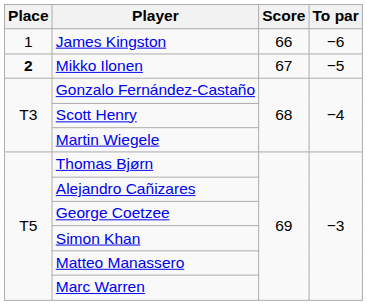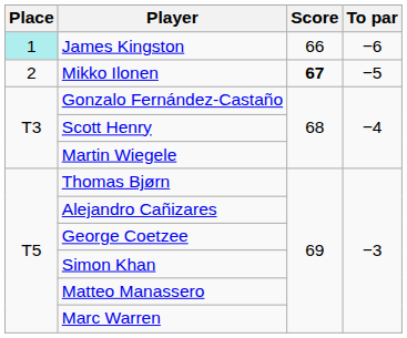 <table class="wikitable">
 <tr>
 <th>Place</th>
 <th>Player</th>
 <th>Score</th>
 <th>To par</th>
 </tr>
 <tr>
-<td align=center>1</td>
+<td align=center style="background: paleturquoise;">1</td>
 <td> <a href='#'>James Kingston</a></td>
 <td align=center>66</td>
 <td align=center>−6</td>
 </tr>
 <tr>
-<td align=center><strong>2</strong></td>
+<td align=center>2</td>
 <td> <a href='#'>Mikko Ilonen</a></td>
-<td align=center>67</td>
+<td align=center><strong>67</strong></td>
 <td align=center>−5</td>
 </tr>
 <tr>
 <td align=center rowspan=3>T3</td>
 <td> <a href='#'>Gonzalo Fernández-Castaño</a></td>
 <td align=center rowspan=3>68</td>
 <td align=center rowspan=3>−4</td>
 </tr>
 <tr>
 <td> <a href='#'>Scott Henry</a></td>
 </tr>
 <tr>
 <td> <a href='#'>Martin Wiegele</a></td>
 </tr>
 <tr>
 <td align=center rowspan=6>T5</td>
 <td> <a href='#'>Thomas Bjørn</a></td>
 <td align=center rowspan=6>69</td>
 <td align=center rowspan=6>−3</td>
 </tr>
 <tr>
 <td> <a href='#'>Alejandro Cañizares</a></td>
 </tr>
 <tr>
 <td> <a href='#'>George Coetzee</a></td>
 </tr>
 <tr>
 <td> <a href='#'>Simon Khan</a></td>
 </tr>
 <tr>
 <td> <a href='#'>Matteo Manassero</a></td>
 </tr>
 <tr>
 <td> <a href='#'>Marc Warren</a></td>
 </tr>
 </table>
